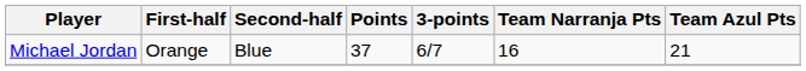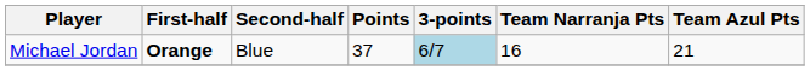 <table class="wikitable sortable">
 <tr>
 <th>Player</th>
 <th>First-half</th>
 <th>Second-half</th>
 <th>Points</th>
 <th>3-points</th>
 <th>Team Narranja Pts</th>
 <th>Team Azul Pts</th>
 </tr>
 <tr>
 <td> <a href='#'>Michael Jordan</a></td>
-<td>Orange</td>
+<td><strong>Orange</strong></td>
 <td>Blue</td>
 <td>37</td>
-<td>6/7</td>
+<td style="background: lightblue;">6/7</td>
 <td>16</td>
 <td>21</td>
 </tr>
 <tr>
 </tr>
 </table>
